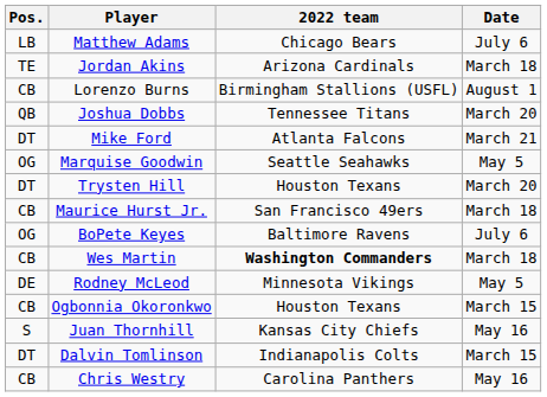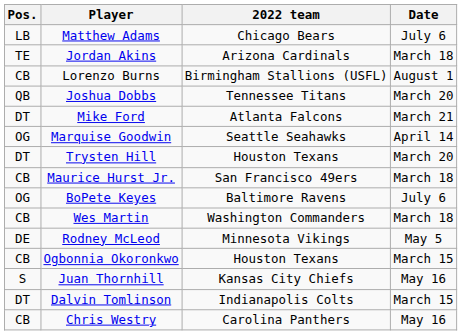 <table class="wikitable" style="text-align:center">
 <tr>
 <th>Pos.</th>
 <th>Player</th>
 <th>2022 team</th>
 <th>Date</th>
 </tr>
 <tr>
 <td>LB</td>
 <td><a href='#'>Matthew Adams</a></td>
 <td>Chicago Bears</td>
 <td>July 6</td>
 </tr>
 <tr>
 <td>TE</td>
 <td><a href='#'>Jordan Akins</a></td>
 <td>Arizona Cardinals</td>
 <td>March 18</td>
 </tr>
 <tr>
 <td>CB</td>
 <td>Lorenzo Burns</td>
 <td>Birmingham Stallions (USFL)</td>
 <td>August 1</td>
 </tr>
 <tr>
 <td>QB</td>
 <td><a href='#'>Joshua Dobbs</a></td>
 <td>Tennessee Titans</td>
 <td>March 20</td>
 </tr>
 <tr>
 <td>DT</td>
 <td><a href='#'>Mike Ford</a></td>
 <td>Atlanta Falcons</td>
 <td>March 21</td>
 </tr>
 <tr>
 <td>OG</td>
 <td><a href='#'>Marquise Goodwin</a></td>
 <td>Seattle Seahawks</td>
-<td>May 5</td>
+<td>April 14</td>
 </tr>
 <tr>
 <td>DT</td>
 <td><a href='#'>Trysten Hill</a></td>
 <td>Houston Texans</td>
 <td>March 20</td>
 </tr>
 <tr>
 <td>CB</td>
 <td><a href='#'>Maurice Hurst Jr.</a></td>
 <td>San Francisco 49ers</td>
 <td>March 18</td>
 </tr>
 <tr>
 <td>OG</td>
 <td><a href='#'>BoPete Keyes</a></td>
 <td>Baltimore Ravens</td>
 <td>July 6</td>
 </tr>
 <tr>
 <td>CB</td>
 <td><a href='#'>Wes Martin</a></td>
-<td><strong>Washington Commanders</strong></td>
+<td>Washington Commanders</td>
 <td>March 18</td>
 </tr>
 <tr>
 <td>DE</td>
 <td><a href='#'>Rodney McLeod</a></td>
 <td>Minnesota Vikings</td>
 <td>May 5</td>
 </tr>
 <tr>
 <td>CB</td>
 <td><a href='#'>Ogbonnia Okoronkwo</a></td>
 <td>Houston Texans</td>
 <td>March 15</td>
 </tr>
 <tr>
 <td>S</td>
 <td><a href='#'>Juan Thornhill</a></td>
 <td>Kansas City Chiefs</td>
 <td>May 16</td>
 </tr>
 <tr>
 <td>DT</td>
 <td><a href='#'>Dalvin Tomlinson</a></td>
 <td>Indianapolis Colts</td>
 <td>March 15</td>
 </tr>
 <tr>
 <td>CB</td>
 <td><a href='#'>Chris Westry</a></td>
 <td>Carolina Panthers</td>
 <td>May 16</td>
 </tr>
 </table>
